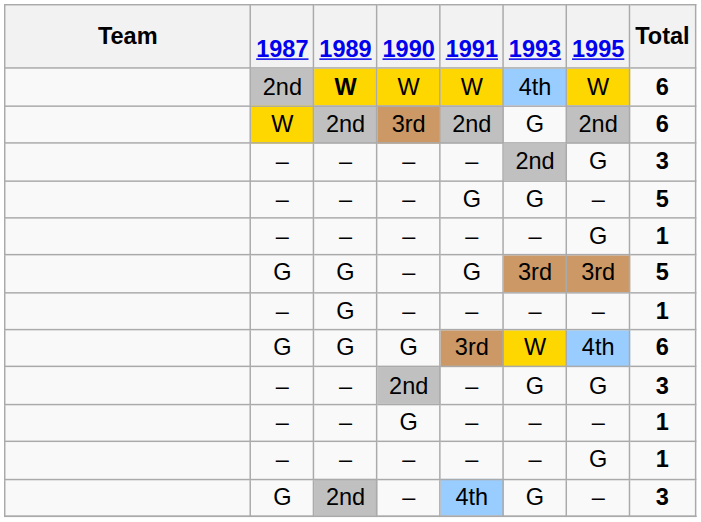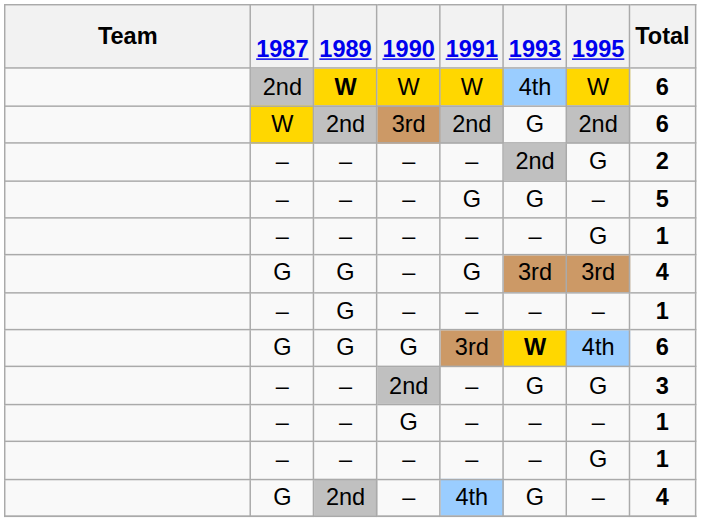 <table class="wikitable" style="text-align:center">
 <tr>
 <th width=160>Team</th>
 <th><br><a href='#'>1987</a></th>
 <th><br><a href='#'>1989</a></th>
 <th><br><a href='#'>1990</a></th>
 <th><br><a href='#'>1991</a></th>
 <th><br><a href='#'>1993</a></th>
 <th><br><a href='#'>1995</a></th>
 <th>Total</th>
 </tr>
 <tr>
 <td align="left"></td>
 <td style="background:silver">2nd</td>
 <td style="background:gold"><strong>W</strong></td>
 <td style="background:gold">W</td>
 <td style="background:gold">W</td>
 <td style="background:#9acdff">4th</td>
 <td style="background:gold">W</td>
 <td><strong>6</strong></td>
 </tr>
 <tr>
 <td align="left"></td>
 <td style="background:gold">W</td>
 <td style="background:silver">2nd</td>
 <td style="background:#cc9966">3rd</td>
 <td style="background:silver">2nd</td>
 <td>G</td>
 <td style="background:silver">2nd</td>
 <td><strong>6</strong></td>
 </tr>
 <tr>
 <td align="left"></td>
 <td>–</td>
 <td>–</td>
 <td>–</td>
 <td>–</td>
 <td style="background:silver">2nd</td>
 <td>G</td>
-<td><strong>3</strong></td>
+<td><strong>2</strong></td>
 </tr>
 <tr>
 <td align="left"></td>
 <td>–</td>
 <td>–</td>
 <td>–</td>
 <td>G</td>
 <td>G</td>
 <td>–</td>
 <td><strong>5</strong></td>
 </tr>
 <tr>
 <td align="left"></td>
 <td>–</td>
 <td>–</td>
 <td>–</td>
 <td>–</td>
 <td>–</td>
 <td>G</td>
 <td><strong>1</strong></td>
 </tr>
 <tr>
 <td align="left"></td>
 <td>G</td>
 <td>G</td>
 <td>–</td>
 <td>G</td>
 <td style="background:#cc9966">3rd</td>
 <td style="background:#cc9966">3rd</td>
-<td><strong>5</strong></td>
+<td><strong>4</strong></td>
 </tr>
 <tr>
 <td align="left"></td>
 <td>–</td>
 <td>G</td>
 <td>–</td>
 <td>–</td>
 <td>–</td>
 <td>–</td>
 <td><strong>1</strong></td>
 </tr>
 <tr>
 <td align="left"></td>
 <td>G</td>
 <td>G</td>
 <td>G</td>
 <td style="background:#cc9966">3rd</td>
-<td style="background:gold">W</td>
+<td style="background:gold"><strong>W</strong></td>
 <td style="background:#9acdff">4th</td>
 <td><strong>6</strong></td>
 </tr>
 <tr>
 <td align="left"></td>
 <td>–</td>
 <td>–</td>
 <td style="background:silver">2nd</td>
 <td>–</td>
 <td>G</td>
 <td>G</td>
 <td><strong>3</strong></td>
 </tr>
 <tr>
 <td align="left"></td>
 <td>–</td>
 <td>–</td>
 <td>G</td>
 <td>–</td>
 <td>–</td>
 <td>–</td>
 <td><strong>1</strong></td>
 </tr>
 <tr>
 <td align="left"></td>
 <td>–</td>
 <td>–</td>
 <td>–</td>
 <td>–</td>
 <td>–</td>
 <td>G</td>
 <td><strong>1</strong></td>
 </tr>
 <tr>
 <td align="left"></td>
 <td>G</td>
 <td style="background:silver">2nd</td>
 <td>–</td>
 <td style="background:#9acdff">4th</td>
 <td>G</td>
 <td>–</td>
-<td><strong>3</strong></td>
+<td><strong>4</strong></td>
 </tr>
 <tr>
 </tr>
 </table>
